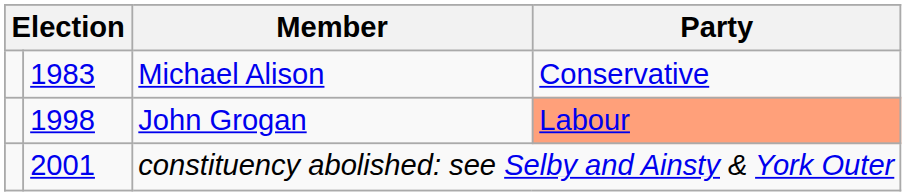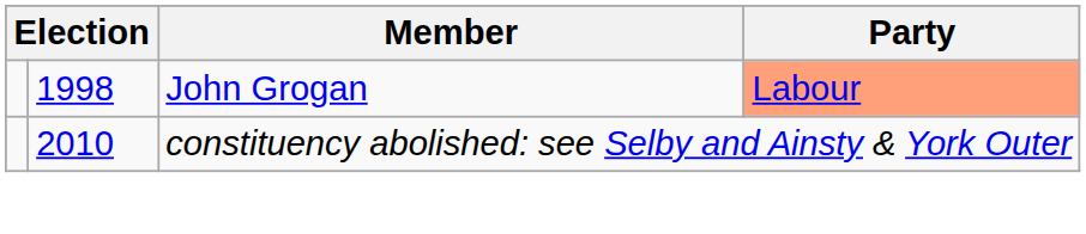 <table class="wikitable">
 <tr>
 <th colspan="2">Election</th>
 <th>Member</th>
 <th>Party</th>
-</tr>
-<tr>
-<td style="color:inherit;background-color: "></td>
-<td><a href='#'>1983</a></td>
-<td><a href='#'>Michael Alison</a></td>
-<td><a href='#'>Conservative</a></td>
 </tr>
 <tr>
 <td style="color:inherit;background-color: "></td>
 <td><a href='#'>1998</a></td>
 <td><a href='#'>John Grogan</a></td>
 <td style="background: lightsalmon;"><a href='#'>Labour</a></td>
 </tr>
 <tr>
 <td></td>
-<td><a href='#'>2001</a></td>
+<td><a href='#'>2010</a></td>
 <td colspan="2"><em>constituency abolished: see <a href='#'>Selby and Ainsty</a> & <a href='#'>York Outer</a></em></td>
 </tr>
 </table>
